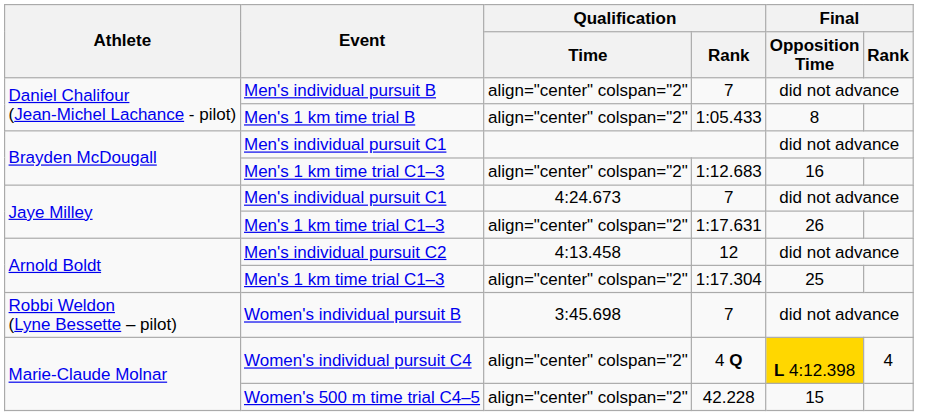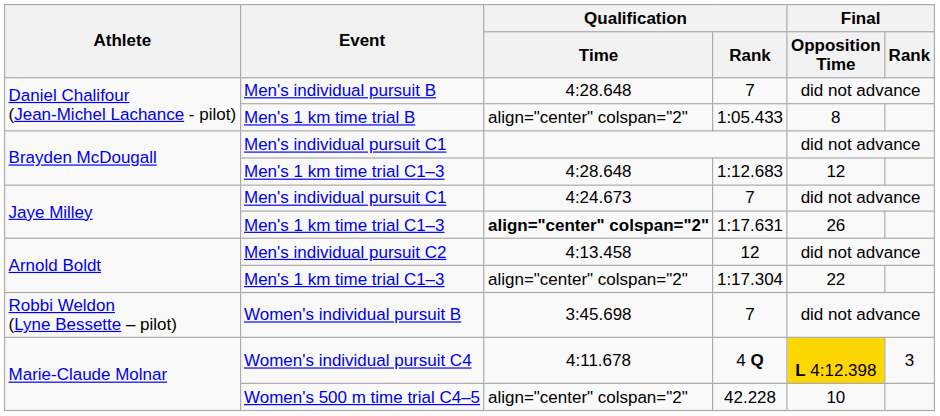 <table class=wikitable style="font-size:90%">
 <tr>
 <th rowspan="2">Athlete</th>
 <th rowspan="2">Event</th>
 <th colspan="2">Qualification</th>
 <th colspan="2">Final</th>
 </tr>
 <tr>
 <th>Time</th>
 <th>Rank</th>
 <th>Opposition<br>Time</th>
 <th>Rank</th>
 </tr>
 <tr>
 <td rowspan="2"><a href='#'>Daniel Chalifour</a> <br> (<a href='#'>Jean-Michel Lachance</a> - pilot)</td>
 <td><a href='#'>Men's individual pursuit B</a></td>
-<td>align="center" colspan="2" </td>
+<td align="center">4:28.648</td>
 <td align="center">7</td>
 <td align="center" colspan="2">did not advance</td>
 </tr>
 <tr>
 <td><a href='#'>Men's 1 km time trial B</a></td>
 <td>align="center" colspan="2" </td>
 <td align="center">1:05.433</td>
 <td align="center">8</td>
 </tr>
 <tr>
 <td rowspan="2"><a href='#'>Brayden McDougall</a></td>
 <td><a href='#'>Men's individual pursuit C1</a></td>
 <td align="center" colspan="2"></td>
 <td align="center" colspan="2">did not advance</td>
 </tr>
 <tr>
 <td><a href='#'>Men's 1 km time trial C1–3</a></td>
-<td>align="center" colspan="2" </td>
+<td align="center">4:28.648</td>
 <td align="center">1:12.683</td>
-<td align="center">16</td>
+<td align="center">12</td>
 </tr>
 <tr>
 <td rowspan="2"><a href='#'>Jaye Milley</a></td>
 <td><a href='#'>Men's individual pursuit C1</a></td>
 <td align="center">4:24.673</td>
 <td align="center">7</td>
 <td align="center" colspan="2">did not advance</td>
 </tr>
 <tr>
 <td><a href='#'>Men's 1 km time trial C1–3</a></td>
-<td>align="center" colspan="2" </td>
+<td><strong>align="center" colspan="2" </strong></td>
 <td align="center">1:17.631</td>
 <td align="center">26</td>
 </tr>
 <tr>
 <td rowspan="2"><a href='#'>Arnold Boldt</a></td>
 <td><a href='#'>Men's individual pursuit C2</a></td>
 <td align="center">4:13.458</td>
 <td align="center">12</td>
 <td align="center" colspan="2">did not advance</td>
 </tr>
 <tr>
 <td><a href='#'>Men's 1 km time trial C1–3</a></td>
 <td>align="center" colspan="2" </td>
 <td align="center">1:17.304</td>
-<td align="center">25</td>
+<td align="center">22</td>
 </tr>
 <tr>
 <td><a href='#'>Robbi Weldon</a><br> (<a href='#'>Lyne Bessette</a> – pilot)</td>
 <td><a href='#'>Women's individual pursuit B</a></td>
 <td align=center>3:45.698</td>
 <td align=center>7</td>
 <td align="center" colspan="2">did not advance</td>
 </tr>
 <tr>
 <td rowspan="2"><a href='#'>Marie-Claude Molnar</a></td>
 <td><a href='#'>Women's individual pursuit C4</a></td>
-<td>align="center" colspan="2" </td>
+<td align=center>4:11.678</td>
 <td align=center>4 <strong>Q</strong></td>
 <td align=center style="background: gold;"><br><strong>L</strong> 4:12.398</td>
-<td align=center>4</td>
+<td align=center>3</td>
 </tr>
 <tr>
 <td><a href='#'>Women's 500 m time trial C4–5</a></td>
 <td>align="center" colspan="2" </td>
 <td align=center>42.228</td>
-<td align=center>15</td>
+<td align=center>10</td>
 </tr>
 </table>
